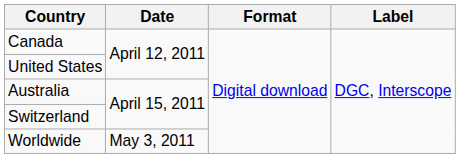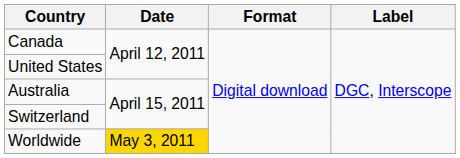 <table class="wikitable">
 <tr>
 <th>Country</th>
 <th>Date</th>
 <th>Format</th>
 <th>Label</th>
 </tr>
 <tr>
 <td>Canada</td>
 <td rowspan="2">April 12, 2011</td>
 <td rowspan="5"><a href='#'>Digital download</a></td>
 <td rowspan="5"><a href='#'>DGC</a>, <a href='#'>Interscope</a></td>
 </tr>
 <tr>
 <td>United States</td>
 </tr>
 <tr>
 <td>Australia</td>
 <td rowspan="2">April 15, 2011</td>
 </tr>
 <tr>
 <td>Switzerland</td>
 </tr>
 <tr>
 <td>Worldwide</td>
-<td>May 3, 2011</td>
+<td style="background: gold;">May 3, 2011</td>
 </tr>
 </table>
